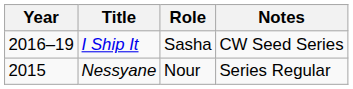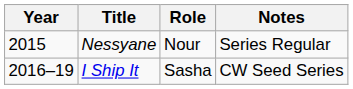 <table class="wikitable sortable">
 <tr>
 <th>Year</th>
 <th>Title</th>
 <th>Role</th>
 <th>Notes</th>
 </tr>
 <tr>
+<td>2015</td>
+<td><em>Nessyane</em></td>
+<td>Nour</td>
+<td>Series Regular</td>
+</tr>
+<tr>
 <td>2016–19</td>
 <td><em><a href='#'>I Ship It</a></em></td>
 <td>Sasha</td>
 <td>CW Seed Series</td>
 </tr>
-<tr>
-<td>2015</td>
-<td><em>Nessyane</em></td>
-<td>Nour</td>
-<td>Series Regular</td>
-</tr>
 </table>
